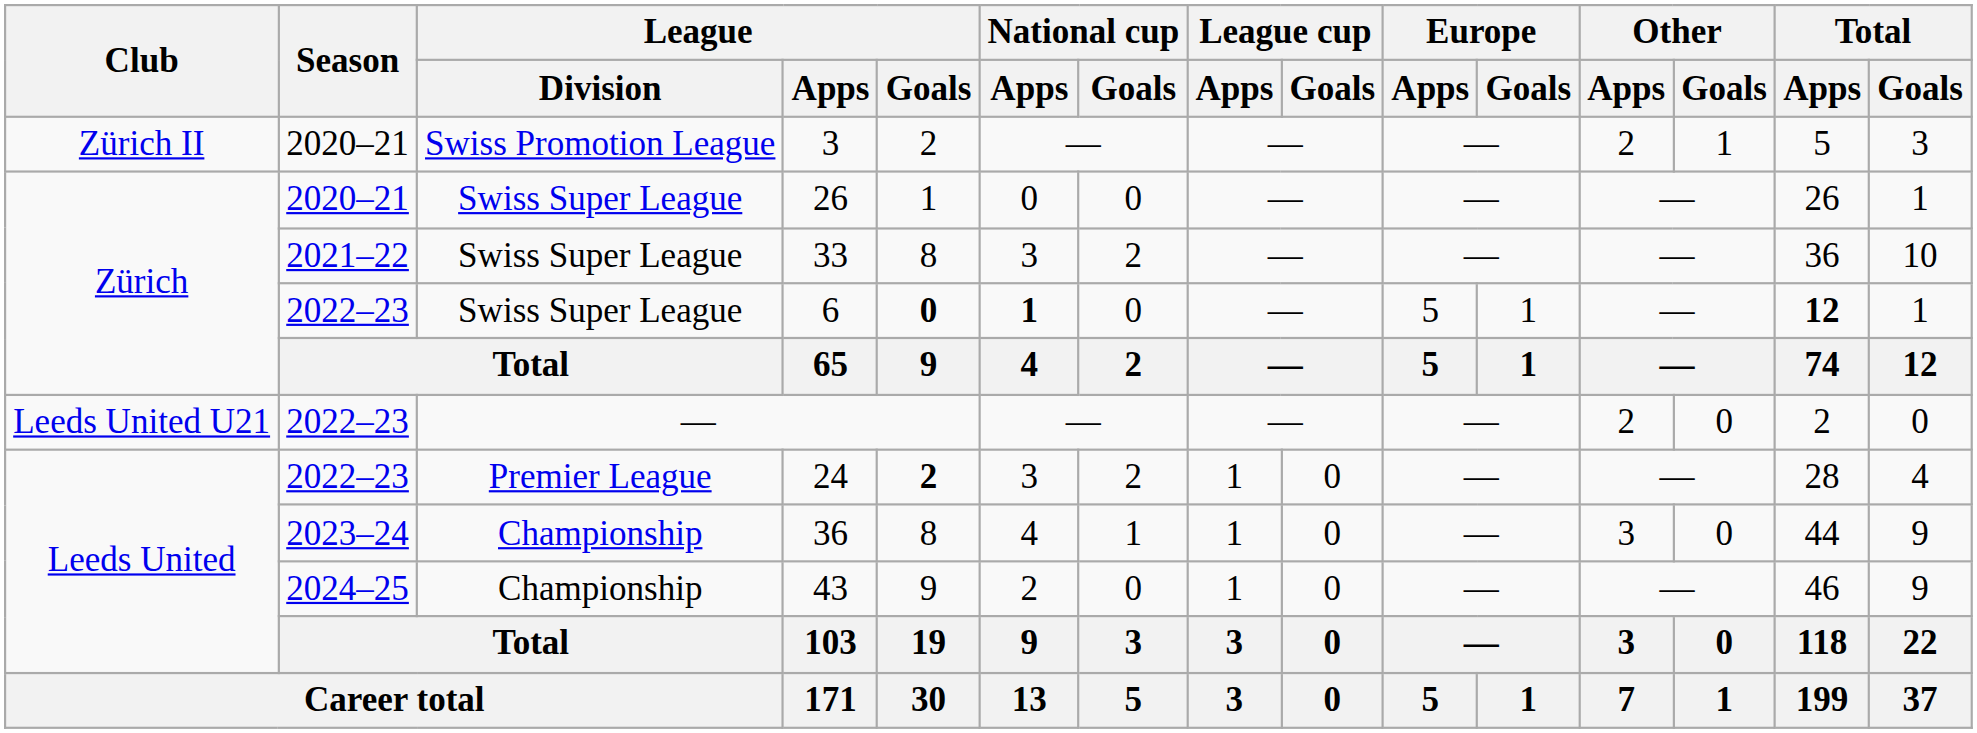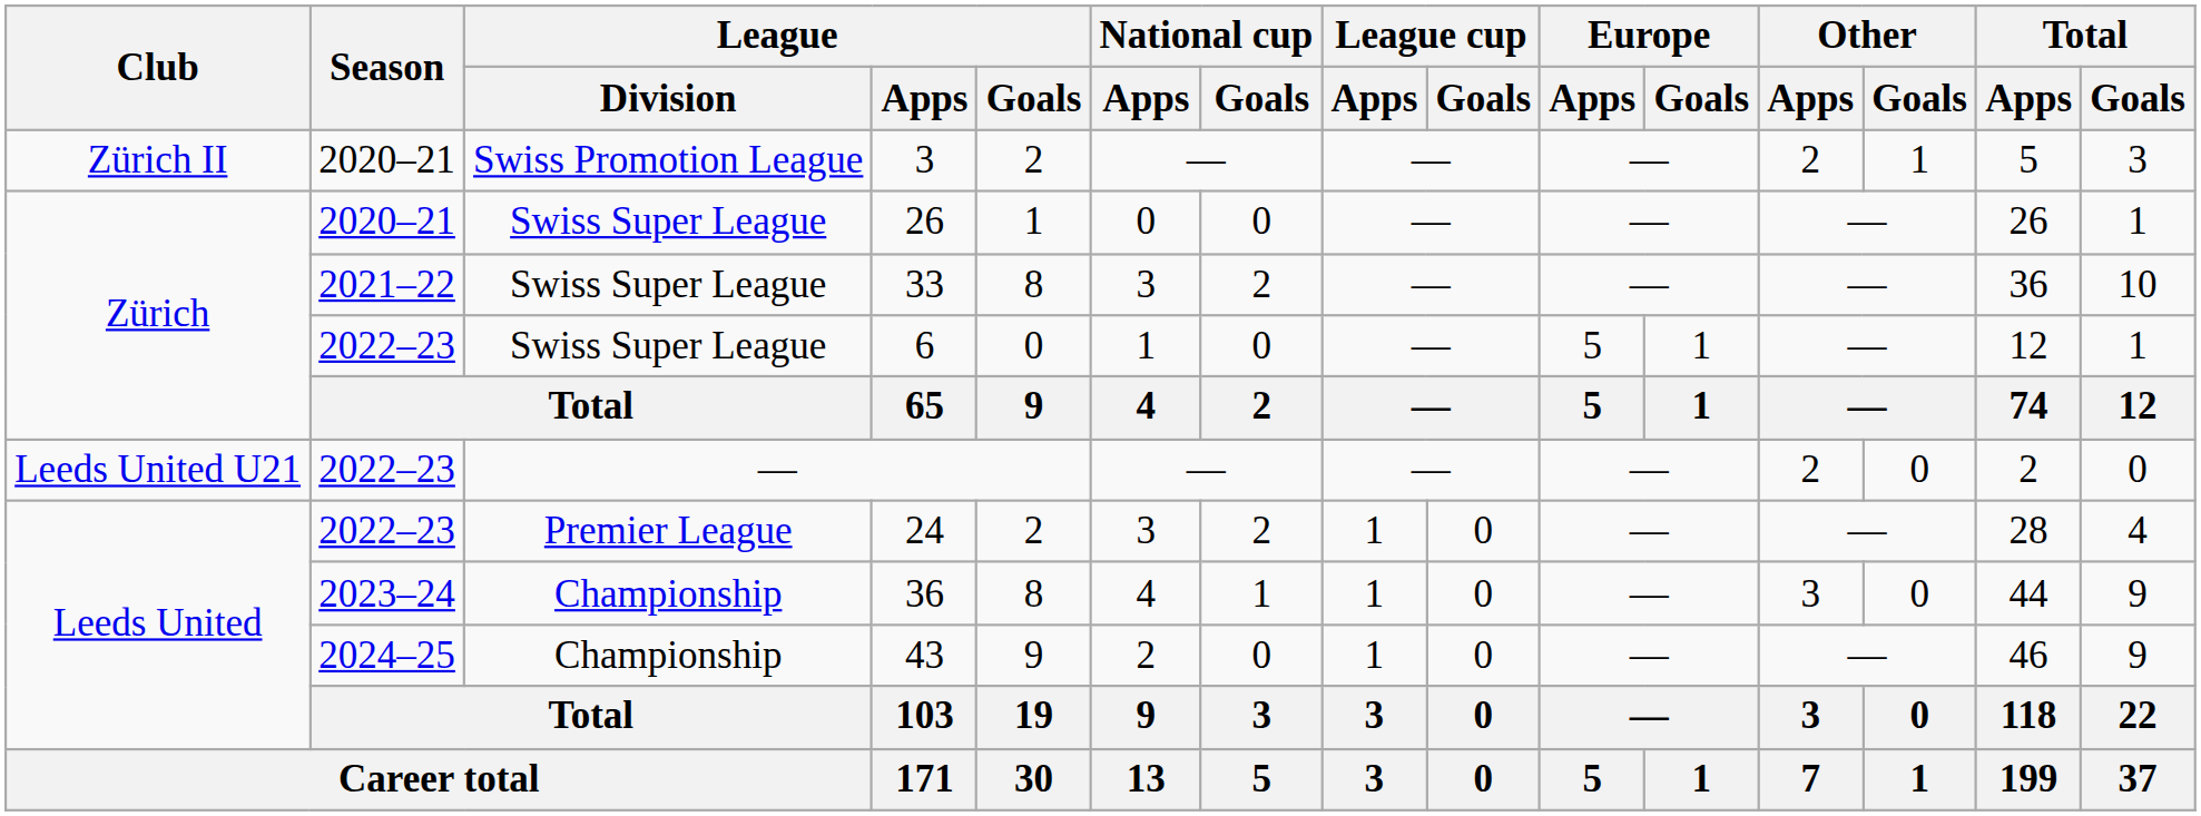 <table class=wikitable style=text-align:center>
 <tr>
 <th rowspan=2>Club</th>
 <th rowspan=2>Season</th>
 <th colspan=3>League</th>
 <th colspan=2>National cup</th>
 <th colspan=2>League cup</th>
 <th colspan=2>Europe</th>
 <th colspan=2>Other</th>
 <th colspan=2>Total</th>
 </tr>
 <tr>
 <th>Division</th>
 <th>Apps</th>
 <th>Goals</th>
 <th>Apps</th>
 <th>Goals</th>
 <th>Apps</th>
 <th>Goals</th>
 <th>Apps</th>
 <th>Goals</th>
 <th>Apps</th>
 <th>Goals</th>
 <th>Apps</th>
 <th>Goals</th>
 </tr>
 <tr>
 <td><a href='#'>Zürich II</a></td>
 <td>2020–21</td>
 <td><a href='#'>Swiss Promotion League</a></td>
 <td>3</td>
 <td>2</td>
 <td colspan=2>—</td>
 <td colspan=2>—</td>
 <td colspan=2>—</td>
 <td>2</td>
 <td>1</td>
 <td>5</td>
 <td>3</td>
 </tr>
 <tr>
 <td rowspan=4><a href='#'>Zürich</a></td>
 <td><a href='#'>2020–21</a></td>
 <td><a href='#'>Swiss Super League</a></td>
 <td>26</td>
 <td>1</td>
 <td>0</td>
 <td>0</td>
 <td colspan=2>—</td>
 <td colspan=2>—</td>
 <td colspan=2>—</td>
 <td>26</td>
 <td>1</td>
 </tr>
 <tr>
 <td><a href='#'>2021–22</a></td>
 <td>Swiss Super League</td>
 <td>33</td>
 <td>8</td>
 <td>3</td>
 <td>2</td>
 <td colspan=2>—</td>
 <td colspan=2>—</td>
 <td colspan=2>—</td>
 <td>36</td>
 <td>10</td>
 </tr>
 <tr>
 <td><a href='#'>2022–23</a></td>
 <td>Swiss Super League</td>
 <td>6</td>
-<td><strong>0</strong></td>
-<td><strong>1</strong></td>
+<td>0</td>
+<td>1</td>
 <td>0</td>
 <td colspan=2>—</td>
 <td>5</td>
 <td>1</td>
 <td colspan=2>—</td>
-<td><strong>12</strong></td>
+<td>12</td>
 <td>1</td>
 </tr>
 <tr>
 <th colspan=2>Total</th>
 <th>65</th>
 <th>9</th>
 <th>4</th>
 <th>2</th>
 <th colspan=2>—</th>
 <th>5</th>
 <th>1</th>
 <th colspan=2>—</th>
 <th>74</th>
 <th>12</th>
 </tr>
 <tr>
 <td><a href='#'>Leeds United U21</a></td>
 <td><a href='#'>2022–23</a></td>
 <td colspan=3>—</td>
 <td colspan=2>—</td>
 <td colspan=2>—</td>
 <td colspan=2>—</td>
 <td>2</td>
 <td>0</td>
 <td>2</td>
 <td>0</td>
 </tr>
 <tr>
 <td rowspan=4><a href='#'>Leeds United</a></td>
 <td><a href='#'>2022–23</a></td>
 <td><a href='#'>Premier League</a></td>
 <td>24</td>
-<td><strong>2</strong></td>
+<td>2</td>
 <td>3</td>
 <td>2</td>
 <td>1</td>
 <td>0</td>
 <td colspan=2>—</td>
 <td colspan=2>—</td>
 <td>28</td>
 <td>4</td>
 </tr>
 <tr>
 <td><a href='#'>2023–24</a></td>
 <td><a href='#'>Championship</a></td>
 <td>36</td>
 <td>8</td>
 <td>4</td>
 <td>1</td>
 <td>1</td>
 <td>0</td>
 <td colspan=2>—</td>
 <td>3</td>
 <td>0</td>
 <td>44</td>
 <td>9</td>
 </tr>
 <tr>
 <td><a href='#'>2024–25</a></td>
 <td>Championship</td>
 <td>43</td>
 <td>9</td>
 <td>2</td>
 <td>0</td>
 <td>1</td>
 <td>0</td>
 <td colspan=2>—</td>
 <td colspan=2>—</td>
 <td>46</td>
 <td>9</td>
 </tr>
 <tr>
 <th colspan=2>Total</th>
 <th>103</th>
 <th>19</th>
 <th>9</th>
 <th>3</th>
 <th>3</th>
 <th>0</th>
 <th colspan=2>—</th>
 <th>3</th>
 <th>0</th>
 <th>118</th>
 <th>22</th>
 </tr>
 <tr>
 <th colspan=3>Career total</th>
 <th>171</th>
 <th>30</th>
 <th>13</th>
 <th>5</th>
 <th>3</th>
 <th>0</th>
 <th>5</th>
 <th>1</th>
 <th>7</th>
 <th>1</th>
 <th>199</th>
 <th>37</th>
 </tr>
 </table>
